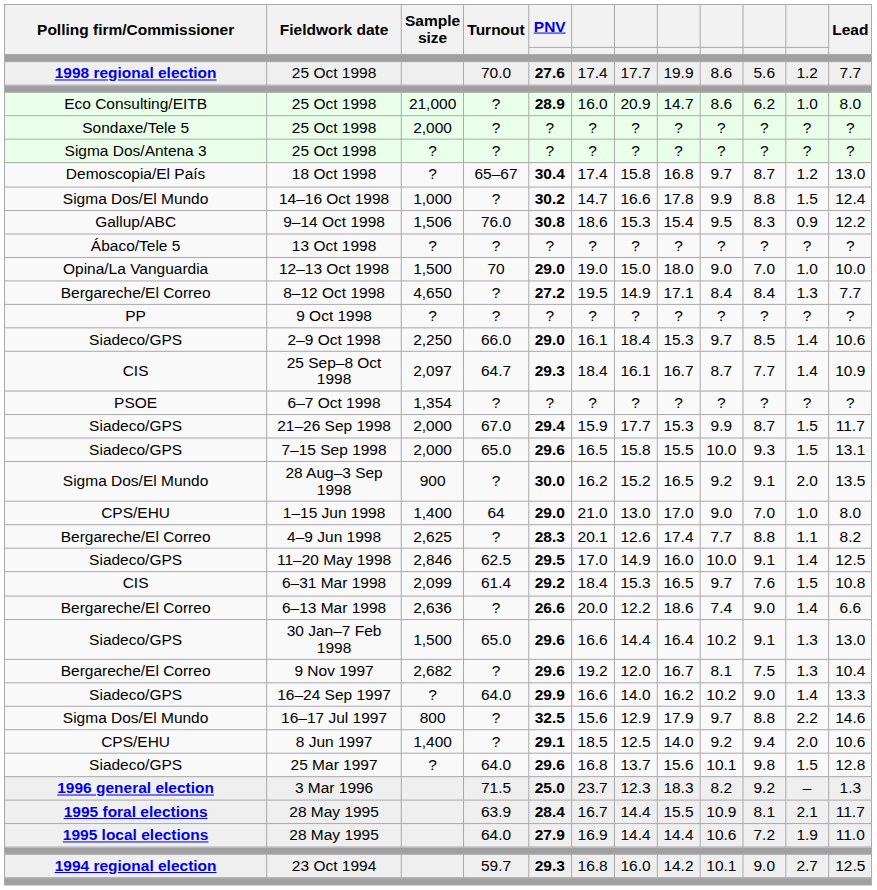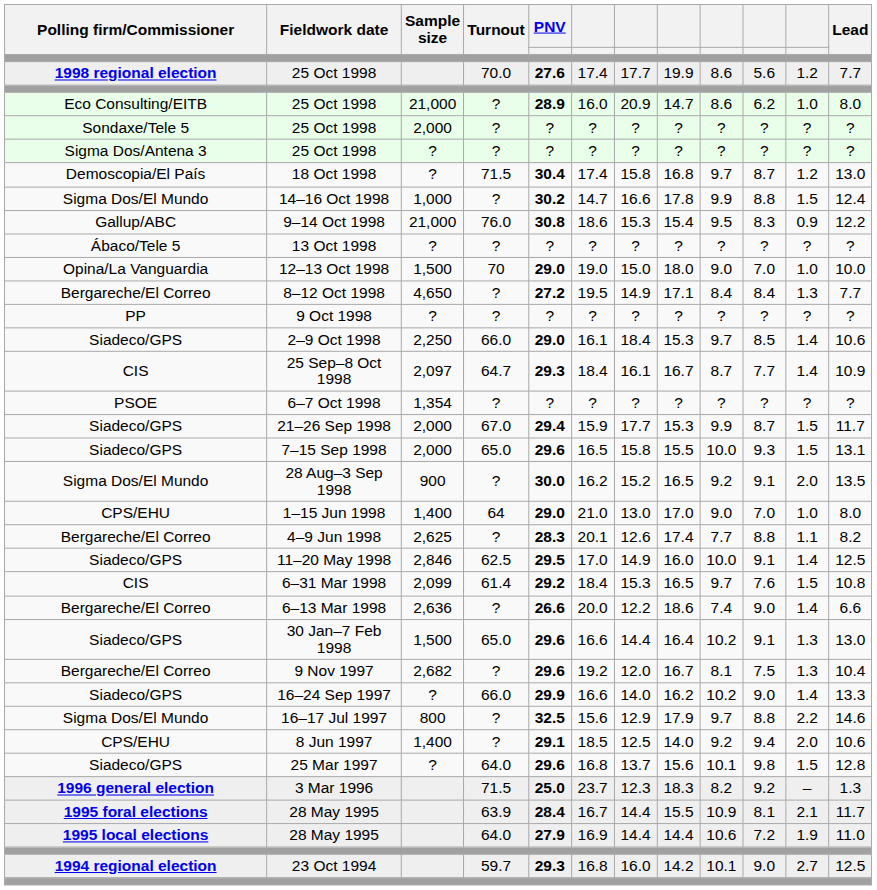 <table class="wikitable collapsible collapsed" style="text-align:center; font-size:95%; line-height:16px;">
 <tr style="height:42px;">
 <th style="width:250px;" rowspan="2">Polling firm/Commissioner</th>
 <th style="width:125px;" rowspan="2">Fieldwork date</th>
 <th style="width:50px;" rowspan="2">Sample size</th>
 <th style="width:45px;" rowspan="2">Turnout</th>
 <th style="width:35px;"><a href='#'>PNV</a></th>
 <th style="width:35px;"></th>
 <th style="width:35px;"><br></th>
 <th style="width:35px;"></th>
 <th style="width:35px;"></th>
 <th style="width:35px;"></th>
 <th style="width:35px;"></th>
 <th style="width:30px;" rowspan="2">Lead</th>
 </tr>
 <tr>
 <th style="color:inherit;background:"></th>
 <th style="color:inherit;background:"></th>
 <th style="color:inherit;background:"></th>
 <th style="color:inherit;background:"></th>
 <th style="color:inherit;background:"></th>
 <th style="color:inherit;background:"></th>
 <th style="color:inherit;background:"></th>
 </tr>
 <tr>
 <td colspan="12" style="background:#A0A0A0"></td>
 </tr>
 <tr style="background:#EFEFEF;">
 <td><strong><a href='#'>1998 regional election</a></strong></td>
 <td>25 Oct 1998</td>
 <td></td>
 <td>70.0</td>
 <td><strong>27.6</strong><br></td>
 <td>17.4<br></td>
 <td>17.7<br></td>
 <td>19.9<br></td>
 <td>8.6<br></td>
 <td>5.6<br></td>
 <td>1.2<br></td>
 <td style="background:">7.7</td>
 </tr>
 <tr>
 <td colspan="12" style="background:#A0A0A0"></td>
 </tr>
 <tr style="background:#EAFFEA;">
 <td>Eco Consulting/EITB</td>
 <td>25 Oct 1998</td>
 <td>21,000</td>
 <td>?</td>
 <td><strong>28.9</strong><br></td>
 <td>16.0<br></td>
 <td>20.9<br></td>
 <td>14.7<br></td>
 <td>8.6<br></td>
 <td>6.2<br></td>
 <td>1.0<br></td>
 <td style="background:">8.0</td>
 </tr>
 <tr style="background:#EAFFEA;">
 <td>Sondaxe/Tele 5</td>
 <td>25 Oct 1998</td>
 <td>2,000</td>
 <td>?</td>
 <td>?<br></td>
 <td>?<br></td>
 <td>?<br></td>
 <td>?<br></td>
 <td>?<br></td>
 <td>?<br></td>
 <td>?<br></td>
 <td style="background:">?</td>
 </tr>
 <tr style="background:#EAFFEA;">
 <td>Sigma Dos/Antena 3</td>
 <td>25 Oct 1998</td>
 <td>?</td>
 <td>?</td>
 <td>?<br></td>
 <td>?<br></td>
 <td>?<br></td>
 <td>?<br></td>
 <td>?<br></td>
 <td>?<br></td>
 <td>?<br></td>
 <td style="background:">?</td>
 </tr>
 <tr>
 <td>Demoscopia/El País</td>
 <td>18 Oct 1998</td>
 <td>?</td>
-<td>65–67</td>
+<td>71.5</td>
 <td><strong>30.4</strong><br></td>
 <td>17.4<br></td>
 <td>15.8<br></td>
 <td>16.8<br></td>
 <td>9.7<br></td>
 <td>8.7<br></td>
 <td>1.2<br></td>
 <td style="background:">13.0</td>
 </tr>
 <tr>
 <td>Sigma Dos/El Mundo</td>
 <td>14–16 Oct 1998</td>
 <td>1,000</td>
 <td>?</td>
 <td><strong>30.2</strong><br></td>
 <td>14.7<br></td>
 <td>16.6<br></td>
 <td>17.8<br></td>
 <td>9.9<br></td>
 <td>8.8<br></td>
 <td>1.5<br></td>
 <td style="background:">12.4</td>
 </tr>
 <tr>
 <td>Gallup/ABC</td>
 <td>9–14 Oct 1998</td>
-<td>1,506</td>
+<td>21,000</td>
 <td>76.0</td>
 <td><strong>30.8</strong><br></td>
 <td>18.6<br></td>
 <td>15.3<br></td>
 <td>15.4<br></td>
 <td>9.5<br></td>
 <td>8.3<br></td>
 <td>0.9<br></td>
 <td style="background:">12.2</td>
 </tr>
 <tr>
 <td>Ábaco/Tele 5</td>
 <td>13 Oct 1998</td>
 <td>?</td>
 <td>?</td>
 <td>?<br></td>
 <td>?<br></td>
 <td>?<br></td>
 <td>?<br></td>
 <td>?<br></td>
 <td>?<br></td>
 <td>?<br></td>
 <td style="background:">?</td>
 </tr>
 <tr>
 <td>Opina/La Vanguardia</td>
 <td>12–13 Oct 1998</td>
 <td>1,500</td>
 <td>70</td>
 <td><strong>29.0</strong><br></td>
 <td>19.0<br></td>
 <td>15.0<br></td>
 <td>18.0<br></td>
 <td>9.0<br></td>
 <td>7.0<br></td>
 <td>1.0<br></td>
 <td style="background:">10.0</td>
 </tr>
 <tr>
 <td>Bergareche/El Correo</td>
 <td>8–12 Oct 1998</td>
 <td>4,650</td>
 <td>?</td>
 <td><strong>27.2</strong><br></td>
 <td>19.5<br></td>
 <td>14.9<br></td>
 <td>17.1<br></td>
 <td>8.4<br></td>
 <td>8.4<br></td>
 <td>1.3<br></td>
 <td style="background:">7.7</td>
 </tr>
 <tr>
 <td>PP</td>
 <td>9 Oct 1998</td>
 <td>?</td>
 <td>?</td>
 <td>?<br></td>
 <td>?<br></td>
 <td>?<br></td>
 <td>?<br></td>
 <td>?<br></td>
 <td>?<br></td>
 <td>?<br></td>
 <td style="background:">?</td>
 </tr>
 <tr>
 <td>Siadeco/GPS</td>
 <td>2–9 Oct 1998</td>
 <td>2,250</td>
 <td>66.0</td>
 <td><strong>29.0</strong><br></td>
 <td>16.1<br></td>
 <td>18.4<br></td>
 <td>15.3<br></td>
 <td>9.7<br></td>
 <td>8.5<br></td>
 <td>1.4<br></td>
 <td style="background:">10.6</td>
 </tr>
 <tr>
 <td>CIS</td>
 <td>25 Sep–8 Oct 1998</td>
 <td>2,097</td>
 <td>64.7</td>
 <td><strong>29.3</strong><br></td>
 <td>18.4<br></td>
 <td>16.1<br></td>
 <td>16.7<br></td>
 <td>8.7<br></td>
 <td>7.7<br></td>
 <td>1.4<br></td>
 <td style="background:">10.9</td>
 </tr>
 <tr>
 <td>PSOE</td>
 <td>6–7 Oct 1998</td>
 <td>1,354</td>
 <td>?</td>
 <td>?<br></td>
 <td>?<br></td>
 <td>?<br></td>
 <td>?<br></td>
 <td>?<br></td>
 <td>?<br></td>
 <td>?<br></td>
 <td style="background:">?</td>
 </tr>
 <tr>
 <td>Siadeco/GPS</td>
 <td>21–26 Sep 1998</td>
 <td>2,000</td>
 <td>67.0</td>
 <td><strong>29.4</strong><br></td>
 <td>15.9<br></td>
 <td>17.7<br></td>
 <td>15.3<br></td>
 <td>9.9<br></td>
 <td>8.7<br></td>
 <td>1.5<br></td>
 <td style="background:">11.7</td>
 </tr>
 <tr>
 <td>Siadeco/GPS</td>
 <td>7–15 Sep 1998</td>
 <td>2,000</td>
 <td>65.0</td>
 <td><strong>29.6</strong><br></td>
 <td>16.5<br></td>
 <td>15.8<br></td>
 <td>15.5<br></td>
 <td>10.0<br></td>
 <td>9.3<br></td>
 <td>1.5<br></td>
 <td style="background:">13.1</td>
 </tr>
 <tr>
 <td>Sigma Dos/El Mundo</td>
 <td>28 Aug–3 Sep 1998</td>
 <td>900</td>
 <td>?</td>
 <td><strong>30.0</strong><br></td>
 <td>16.2<br></td>
 <td>15.2<br></td>
 <td>16.5<br></td>
 <td>9.2<br></td>
 <td>9.1<br></td>
 <td>2.0<br></td>
 <td style="background:">13.5</td>
 </tr>
 <tr>
 <td>CPS/EHU</td>
 <td>1–15 Jun 1998</td>
 <td>1,400</td>
 <td>64</td>
 <td><strong>29.0</strong><br></td>
 <td>21.0<br></td>
 <td>13.0<br></td>
 <td>17.0<br></td>
 <td>9.0<br></td>
 <td>7.0<br></td>
 <td>1.0<br></td>
 <td style="background:">8.0</td>
 </tr>
 <tr>
 <td>Bergareche/El Correo</td>
 <td>4–9 Jun 1998</td>
 <td>2,625</td>
 <td>?</td>
 <td><strong>28.3</strong><br></td>
 <td>20.1<br></td>
 <td>12.6<br></td>
 <td>17.4<br></td>
 <td>7.7<br></td>
 <td>8.8<br></td>
 <td>1.1<br></td>
 <td style="background:">8.2</td>
 </tr>
 <tr>
 <td>Siadeco/GPS</td>
 <td>11–20 May 1998</td>
 <td>2,846</td>
 <td>62.5</td>
 <td><strong>29.5</strong><br></td>
 <td>17.0<br></td>
 <td>14.9<br></td>
 <td>16.0<br></td>
 <td>10.0<br></td>
 <td>9.1<br></td>
 <td>1.4<br></td>
 <td style="background:">12.5</td>
 </tr>
 <tr>
 <td>CIS</td>
 <td>6–31 Mar 1998</td>
 <td>2,099</td>
 <td>61.4</td>
 <td><strong>29.2</strong><br></td>
 <td>18.4<br></td>
 <td>15.3<br></td>
 <td>16.5<br></td>
 <td>9.7<br></td>
 <td>7.6<br></td>
 <td>1.5<br></td>
 <td style="background:">10.8</td>
 </tr>
 <tr>
 <td>Bergareche/El Correo</td>
 <td>6–13 Mar 1998</td>
 <td>2,636</td>
 <td>?</td>
 <td><strong>26.6</strong><br></td>
 <td>20.0<br></td>
 <td>12.2<br></td>
 <td>18.6<br></td>
 <td>7.4<br></td>
 <td>9.0<br></td>
 <td>1.4<br></td>
 <td style="background:">6.6</td>
 </tr>
 <tr>
 <td>Siadeco/GPS</td>
 <td>30 Jan–7 Feb 1998</td>
 <td>1,500</td>
 <td>65.0</td>
 <td><strong>29.6</strong><br></td>
 <td>16.6<br></td>
 <td>14.4<br></td>
 <td>16.4<br></td>
 <td>10.2<br></td>
 <td>9.1<br></td>
 <td>1.3<br></td>
 <td style="background:">13.0</td>
 </tr>
 <tr>
 <td>Bergareche/El Correo</td>
 <td>9 Nov 1997</td>
 <td>2,682</td>
 <td>?</td>
 <td><strong>29.6</strong><br></td>
 <td>19.2<br></td>
 <td>12.0<br></td>
 <td>16.7<br></td>
 <td>8.1<br></td>
 <td>7.5<br></td>
 <td>1.3<br></td>
 <td style="background:">10.4</td>
 </tr>
 <tr>
 <td>Siadeco/GPS</td>
 <td>16–24 Sep 1997</td>
 <td>?</td>
-<td>64.0</td>
+<td>66.0</td>
 <td><strong>29.9</strong><br></td>
 <td>16.6<br></td>
 <td>14.0<br></td>
 <td>16.2<br></td>
 <td>10.2<br></td>
 <td>9.0<br></td>
 <td>1.4<br></td>
 <td style="background:">13.3</td>
 </tr>
 <tr>
 <td>Sigma Dos/El Mundo</td>
 <td>16–17 Jul 1997</td>
 <td>800</td>
 <td>?</td>
 <td><strong>32.5</strong></td>
 <td>15.6</td>
 <td>12.9</td>
 <td>17.9</td>
 <td>9.7</td>
 <td>8.8</td>
 <td>2.2</td>
 <td style="background:">14.6</td>
 </tr>
 <tr>
 <td>CPS/EHU</td>
 <td>8 Jun 1997</td>
 <td>1,400</td>
 <td>?</td>
 <td><strong>29.1</strong><br></td>
 <td>18.5<br></td>
 <td>12.5<br></td>
 <td>14.0<br></td>
 <td>9.2<br></td>
 <td>9.4<br></td>
 <td>2.0<br></td>
 <td style="background:">10.6</td>
 </tr>
 <tr>
 <td>Siadeco/GPS</td>
 <td>25 Mar 1997</td>
 <td>?</td>
 <td>64.0</td>
 <td><strong>29.6</strong><br></td>
 <td>16.8<br></td>
 <td>13.7<br></td>
 <td>15.6<br></td>
 <td>10.1<br></td>
 <td>9.8<br></td>
 <td>1.5<br></td>
 <td style="background:">12.8</td>
 </tr>
 <tr style="background:#EFEFEF;">
 <td><strong><a href='#'>1996 general election</a></strong></td>
 <td>3 Mar 1996</td>
 <td></td>
 <td>71.5</td>
 <td><strong>25.0</strong><br></td>
 <td>23.7<br></td>
 <td>12.3<br></td>
 <td>18.3<br></td>
 <td>8.2<br></td>
 <td>9.2<br></td>
 <td>–</td>
 <td style="background:">1.3</td>
 </tr>
 <tr style="background:#EFEFEF;">
 <td><strong><a href='#'>1995 foral elections</a></strong></td>
 <td>28 May 1995</td>
 <td></td>
 <td>63.9</td>
 <td><strong>28.4</strong><br></td>
 <td>16.7<br></td>
 <td>14.4<br></td>
 <td>15.5<br></td>
 <td>10.9<br></td>
 <td>8.1<br></td>
 <td>2.1<br></td>
 <td style="background:">11.7</td>
 </tr>
 <tr style="background:#EFEFEF;">
 <td><strong><a href='#'>1995 local elections</a></strong></td>
 <td>28 May 1995</td>
 <td></td>
 <td>64.0</td>
 <td><strong>27.9</strong></td>
 <td>16.9</td>
 <td>14.4</td>
 <td>14.4</td>
 <td>10.6</td>
 <td>7.2</td>
 <td>1.9</td>
 <td style="background:">11.0</td>
 </tr>
 <tr>
 <td colspan="12" style="background:#A0A0A0"></td>
 </tr>
 <tr style="background:#EFEFEF;">
 <td><strong><a href='#'>1994 regional election</a></strong></td>
 <td>23 Oct 1994</td>
 <td></td>
 <td>59.7</td>
 <td><strong>29.3</strong><br></td>
 <td>16.8<br></td>
 <td>16.0<br></td>
 <td>14.2<br></td>
 <td>10.1<br></td>
 <td>9.0<br></td>
 <td>2.7<br></td>
 <td style="background:">12.5</td>
 </tr>
 <tr>
 <td colspan="12" style="background:#A0A0A0"></td>
 </tr>
 </table>
